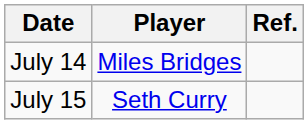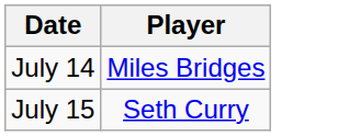 <table class="wikitable sortable sortable" style="text-align: center">
 <tr>
 <th>Date</th>
 <th>Player</th>
-<th>Ref.</th>
 </tr>
 <tr>
 <td>July 14</td>
 <td><a href='#'>Miles Bridges</a></td>
-<td></td>
 </tr>
 <tr>
 <td>July 15</td>
 <td><a href='#'>Seth Curry</a></td>
-<td></td>
 </tr>
 </table>
